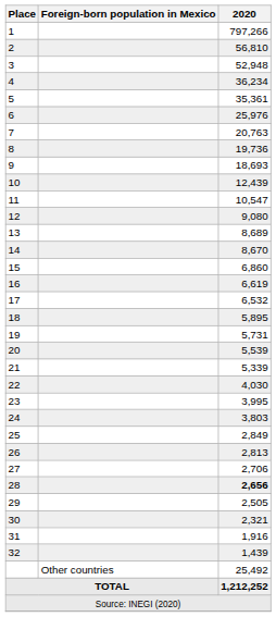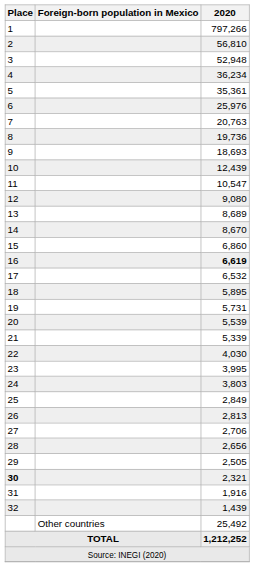 <table class="wikitable sortable" style="float:right; font-size:90%;">
 <tr>
 <th>Place</th>
 <th>Foreign-born population in Mexico</th>
 <th>2020</th>
 </tr>
 <tr bgcolor="#ffffff">
 <td>1</td>
 <td></td>
 <td align=right>797,266</td>
 </tr>
 <tr bgcolor="#efefef">
 <td>2</td>
 <td></td>
 <td align=right>56,810</td>
 </tr>
 <tr bgcolor="#ffffff">
 <td>3</td>
 <td></td>
 <td align=right>52,948</td>
 </tr>
 <tr bgcolor="#efefef">
 <td>4</td>
 <td></td>
 <td align=right>36,234</td>
 </tr>
 <tr bgcolor="#ffffff">
 <td>5</td>
 <td></td>
 <td align=right>35,361</td>
 </tr>
 <tr bgcolor="#efefef">
 <td>6</td>
 <td></td>
 <td align=right>25,976</td>
 </tr>
 <tr bgcolor="#ffffff">
 <td>7</td>
 <td></td>
 <td align=right>20,763</td>
 </tr>
 <tr bgcolor="#efefef">
 <td>8</td>
 <td></td>
 <td align=right>19,736</td>
 </tr>
 <tr bgcolor="#ffffff">
 <td>9</td>
 <td></td>
 <td align=right>18,693</td>
 </tr>
 <tr bgcolor="#efefef">
 <td>10</td>
 <td></td>
 <td align=right>12,439</td>
 </tr>
 <tr bgcolor="#ffffff">
 <td>11</td>
 <td></td>
 <td align=right>10,547</td>
 </tr>
 <tr bgcolor="#efefef">
 <td>12</td>
 <td></td>
 <td align=right>9,080</td>
 </tr>
 <tr bgcolor="#ffffff">
 <td>13</td>
 <td></td>
 <td align=right>8,689</td>
 </tr>
 <tr bgcolor="#efefef">
 <td>14</td>
 <td></td>
 <td align=right>8,670</td>
 </tr>
 <tr bgcolor="#ffffff">
 <td>15</td>
 <td></td>
 <td align=right>6,860</td>
 </tr>
 <tr bgcolor="#efefef">
 <td>16</td>
 <td></td>
-<td align=right>6,619</td>
+<td align=right><strong>6,619</strong></td>
 </tr>
 <tr bgcolor="#ffffff">
 <td>17</td>
 <td></td>
 <td align=right>6,532</td>
 </tr>
 <tr bgcolor="#efefef">
 <td>18</td>
 <td></td>
 <td align=right>5,895</td>
 </tr>
 <tr bgcolor="#ffffff">
 <td>19</td>
 <td></td>
 <td align=right>5,731</td>
 </tr>
 <tr bgcolor="#efefef">
 <td>20</td>
 <td></td>
 <td align=right>5,539</td>
 </tr>
 <tr bgcolor="#ffffff">
 <td>21</td>
 <td></td>
 <td align=right>5,339</td>
 </tr>
 <tr bgcolor="#efefef">
 <td>22</td>
 <td></td>
 <td align=right>4,030</td>
 </tr>
 <tr bgcolor="#ffffff">
 <td>23</td>
 <td></td>
 <td align=right>3,995</td>
 </tr>
 <tr bgcolor="#efefef">
 <td>24</td>
 <td></td>
 <td align=right>3,803</td>
 </tr>
 <tr bgcolor="#ffffff">
 <td>25</td>
 <td></td>
 <td align=right>2,849</td>
 </tr>
 <tr bgcolor="#efefef">
 <td>26</td>
 <td></td>
 <td align=right>2,813</td>
 </tr>
 <tr bgcolor="#ffffff">
 <td>27</td>
 <td></td>
 <td align=right>2,706</td>
 </tr>
 <tr bgcolor="#efefef">
 <td>28</td>
 <td></td>
-<td align=right><strong>2,656</strong></td>
+<td align=right>2,656</td>
 </tr>
 <tr bgcolor="#ffffff">
 <td>29</td>
 <td></td>
 <td align=right>2,505</td>
 </tr>
 <tr bgcolor="#efefef">
-<td>30</td>
+<td><strong>30</strong></td>
 <td></td>
 <td align=right>2,321</td>
 </tr>
 <tr bgcolor="#ffffff">
 <td>31</td>
 <td></td>
 <td align=right>1,916</td>
 </tr>
 <tr bgcolor="#efefef">
 <td>32</td>
 <td></td>
 <td align=right>1,439</td>
 </tr>
 <tr bgcolor="#ffffff">
 <td></td>
 <td>Other countries</td>
 <td align=right>25,492</td>
 </tr>
 <tr bgcolor="#efefef">
 <td colspan=2 style="background:#e9e9e9;" align=center><strong>TOTAL</strong></td>
 <td align=right><strong>1,212,252</strong></td>
 </tr>
 <tr bgcolor="#ffffff">
 <td colspan=5 style="background:#e9e9e9;" align=center><small>Source: INEGI (2020)</small></td>
 </tr>
 <tr>
 </tr>
 </table>
